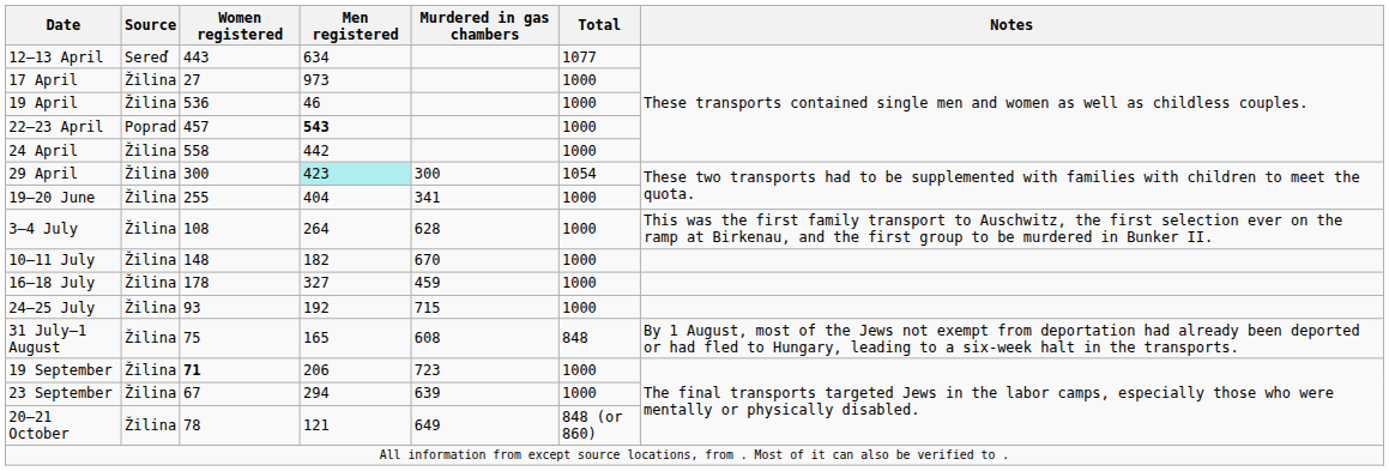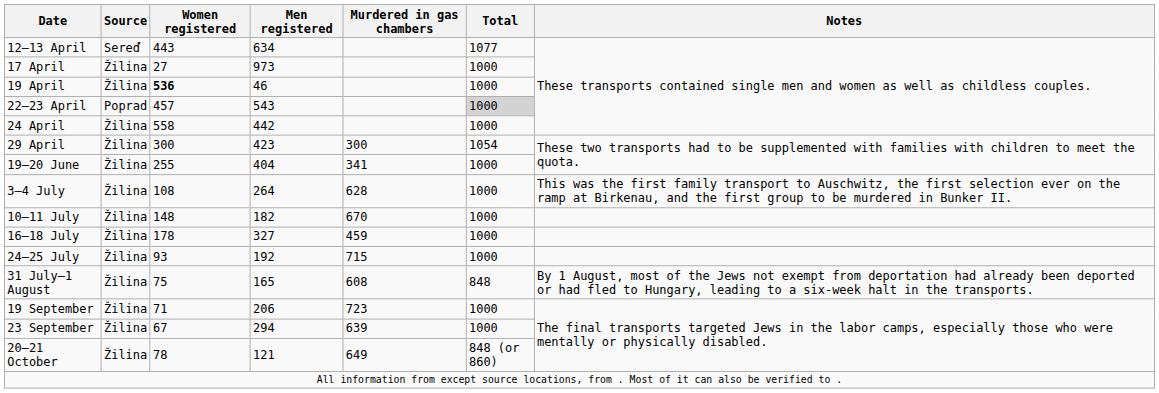 <table class="wikitable sortable" width="auto" style="text-align: left">
 <tr>
 <th scope="col">Date</th>
 <th scope="col">Source</th>
 <th scope="col">Women registered</th>
 <th scope="col">Men registered</th>
 <th scope="col">Murdered in gas chambers</th>
 <th scope="col">Total</th>
 <th scope="col" class=unsortable>Notes</th>
 </tr>
 <tr>
 <td>12–13 April</td>
 <td>Sereď</td>
 <td>443</td>
 <td>634</td>
 <td></td>
 <td>1077</td>
 <td rowspan="5">These transports contained single men and women as well as childless couples.</td>
 </tr>
 <tr>
 <td>17 April</td>
 <td>Žilina</td>
 <td>27</td>
 <td>973</td>
 <td></td>
 <td>1000</td>
 </tr>
 <tr>
 <td>19 April</td>
 <td>Žilina</td>
-<td>536</td>
+<td><strong>536</strong></td>
 <td>46</td>
 <td></td>
 <td>1000</td>
 </tr>
 <tr>
 <td>22–23 April</td>
 <td>Poprad</td>
 <td>457</td>
-<td><strong>543</strong></td>
+<td>543</td>
 <td></td>
-<td>1000</td>
+<td style="background: lightgrey;">1000</td>
 </tr>
 <tr>
 <td>24 April</td>
 <td>Žilina</td>
 <td>558</td>
 <td>442</td>
 <td></td>
 <td>1000</td>
 </tr>
 <tr>
 <td>29 April</td>
 <td>Žilina</td>
 <td>300</td>
-<td style="background: paleturquoise;">423</td>
+<td>423</td>
 <td>300</td>
 <td>1054</td>
 <td rowspan="2">These two transports had to be supplemented with families with children to meet the quota.</td>
 </tr>
 <tr>
 <td>19–20 June</td>
 <td>Žilina</td>
 <td>255</td>
 <td>404</td>
 <td>341</td>
 <td>1000</td>
 </tr>
 <tr>
 <td>3–4 July</td>
 <td>Žilina</td>
 <td>108</td>
 <td>264</td>
 <td>628</td>
 <td>1000</td>
 <td>This was the first family transport to Auschwitz, the first selection ever on the ramp at Birkenau, and the first group to be murdered in Bunker II.</td>
 </tr>
 <tr>
 <td>10–11 July</td>
 <td>Žilina</td>
 <td>148</td>
 <td>182</td>
 <td>670</td>
 <td>1000</td>
 <td></td>
 </tr>
 <tr>
 <td>16–18 July</td>
 <td>Žilina</td>
 <td>178</td>
 <td>327</td>
 <td>459</td>
 <td>1000</td>
 <td></td>
 </tr>
 <tr>
 <td>24–25 July</td>
 <td>Žilina</td>
 <td>93</td>
 <td>192</td>
 <td>715</td>
 <td>1000</td>
 <td></td>
 </tr>
 <tr>
 <td>31 July–1 August</td>
 <td>Žilina</td>
 <td>75</td>
 <td>165</td>
 <td>608</td>
 <td>848</td>
 <td>By 1 August, most of the Jews not exempt from deportation had already been deported or had fled to Hungary, leading to a six-week halt in the transports.</td>
 </tr>
 <tr>
 <td>19 September</td>
 <td>Žilina</td>
-<td><strong>71</strong></td>
+<td>71</td>
 <td>206</td>
 <td>723</td>
 <td>1000</td>
 <td rowspan="3">The final transports targeted Jews in the labor camps, especially those who were mentally or physically disabled.</td>
 </tr>
 <tr>
 <td>23 September</td>
 <td>Žilina</td>
 <td>67</td>
 <td>294</td>
 <td>639</td>
 <td>1000</td>
 </tr>
 <tr>
 <td>20–21 October</td>
 <td>Žilina</td>
 <td>78</td>
 <td>121</td>
 <td>649</td>
 <td>848 (or 860)</td>
 </tr>
 <tr>
 <td colspan="7" style="text-align: center; font-size: 8pt">All information from  except source locations, from . Most of it can also be verified to .</td>
 </tr>
 </table>
